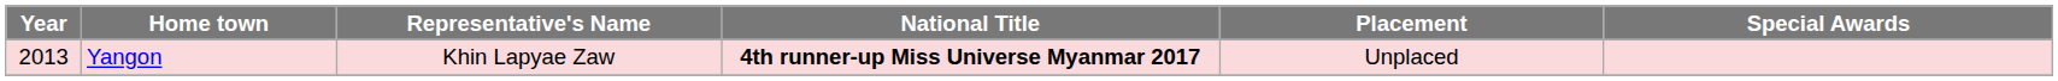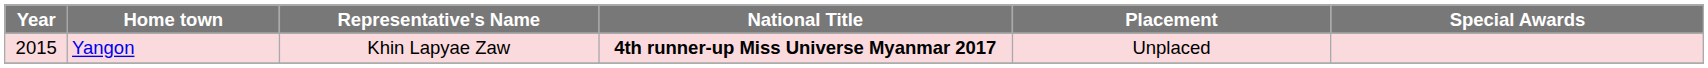 <table class="wikitable " style="font-size: 85%; text-align:center">
 <tr>
 <th width="40" style="background-color:#787878;color:#FFFFFF;">Year</th>
 <th width="150" style="background-color:#787878;color:#FFFFFF;">Home town</th>
 <th width="230" style="background-color:#787878;color:#FFFFFF;">Representative's Name</th>
 <th width="300" style="background-color:#787878;color:#FFFFFF;">National Title</th>
 <th width="230" style="background-color:#787878;color:#FFFFFF;">Placement</th>
 <th width="270" style="background-color:#787878;color:#FFFFFF;">Special Awards</th>
 </tr>
 <tr>
 </tr>
 <tr style="background-color:#FADADD; ">
-<td>2013</td>
+<td>2015</td>
 <td align=left> <a href='#'>Yangon</a></td>
 <td>Khin Lapyae Zaw</td>
 <td><strong>4th runner-up Miss Universe Myanmar 2017</strong></td>
 <td>Unplaced</td>
 <td style="background:;"></td>
 </tr>
 <tr>
 </tr>
 </table>
